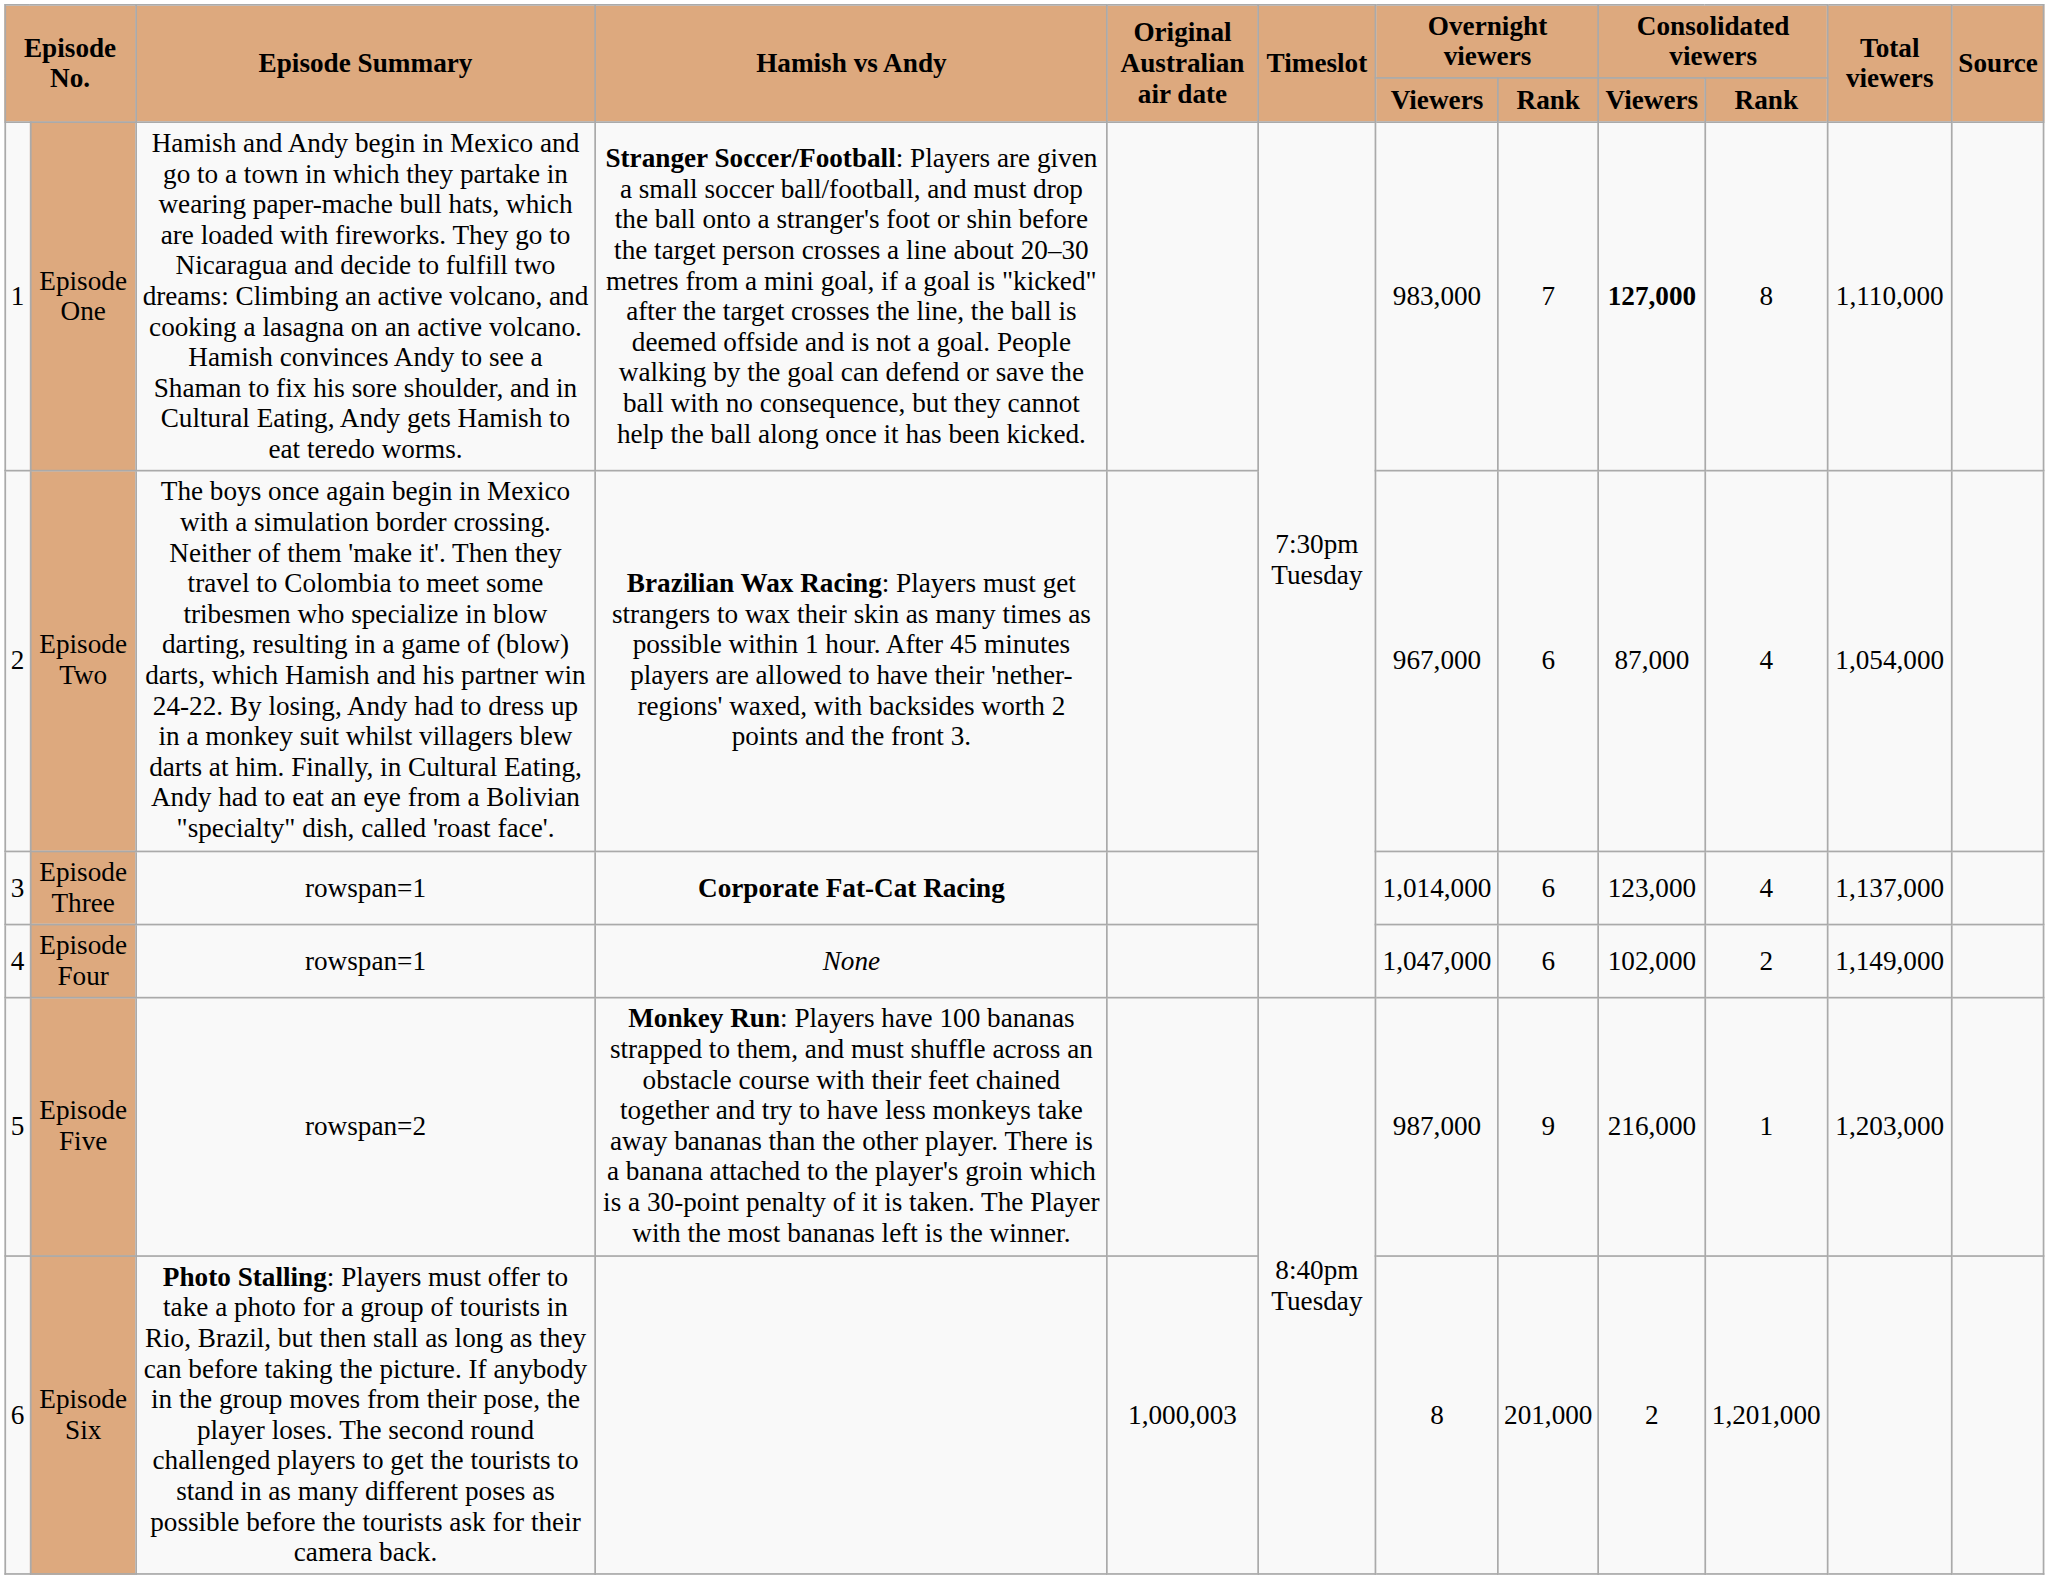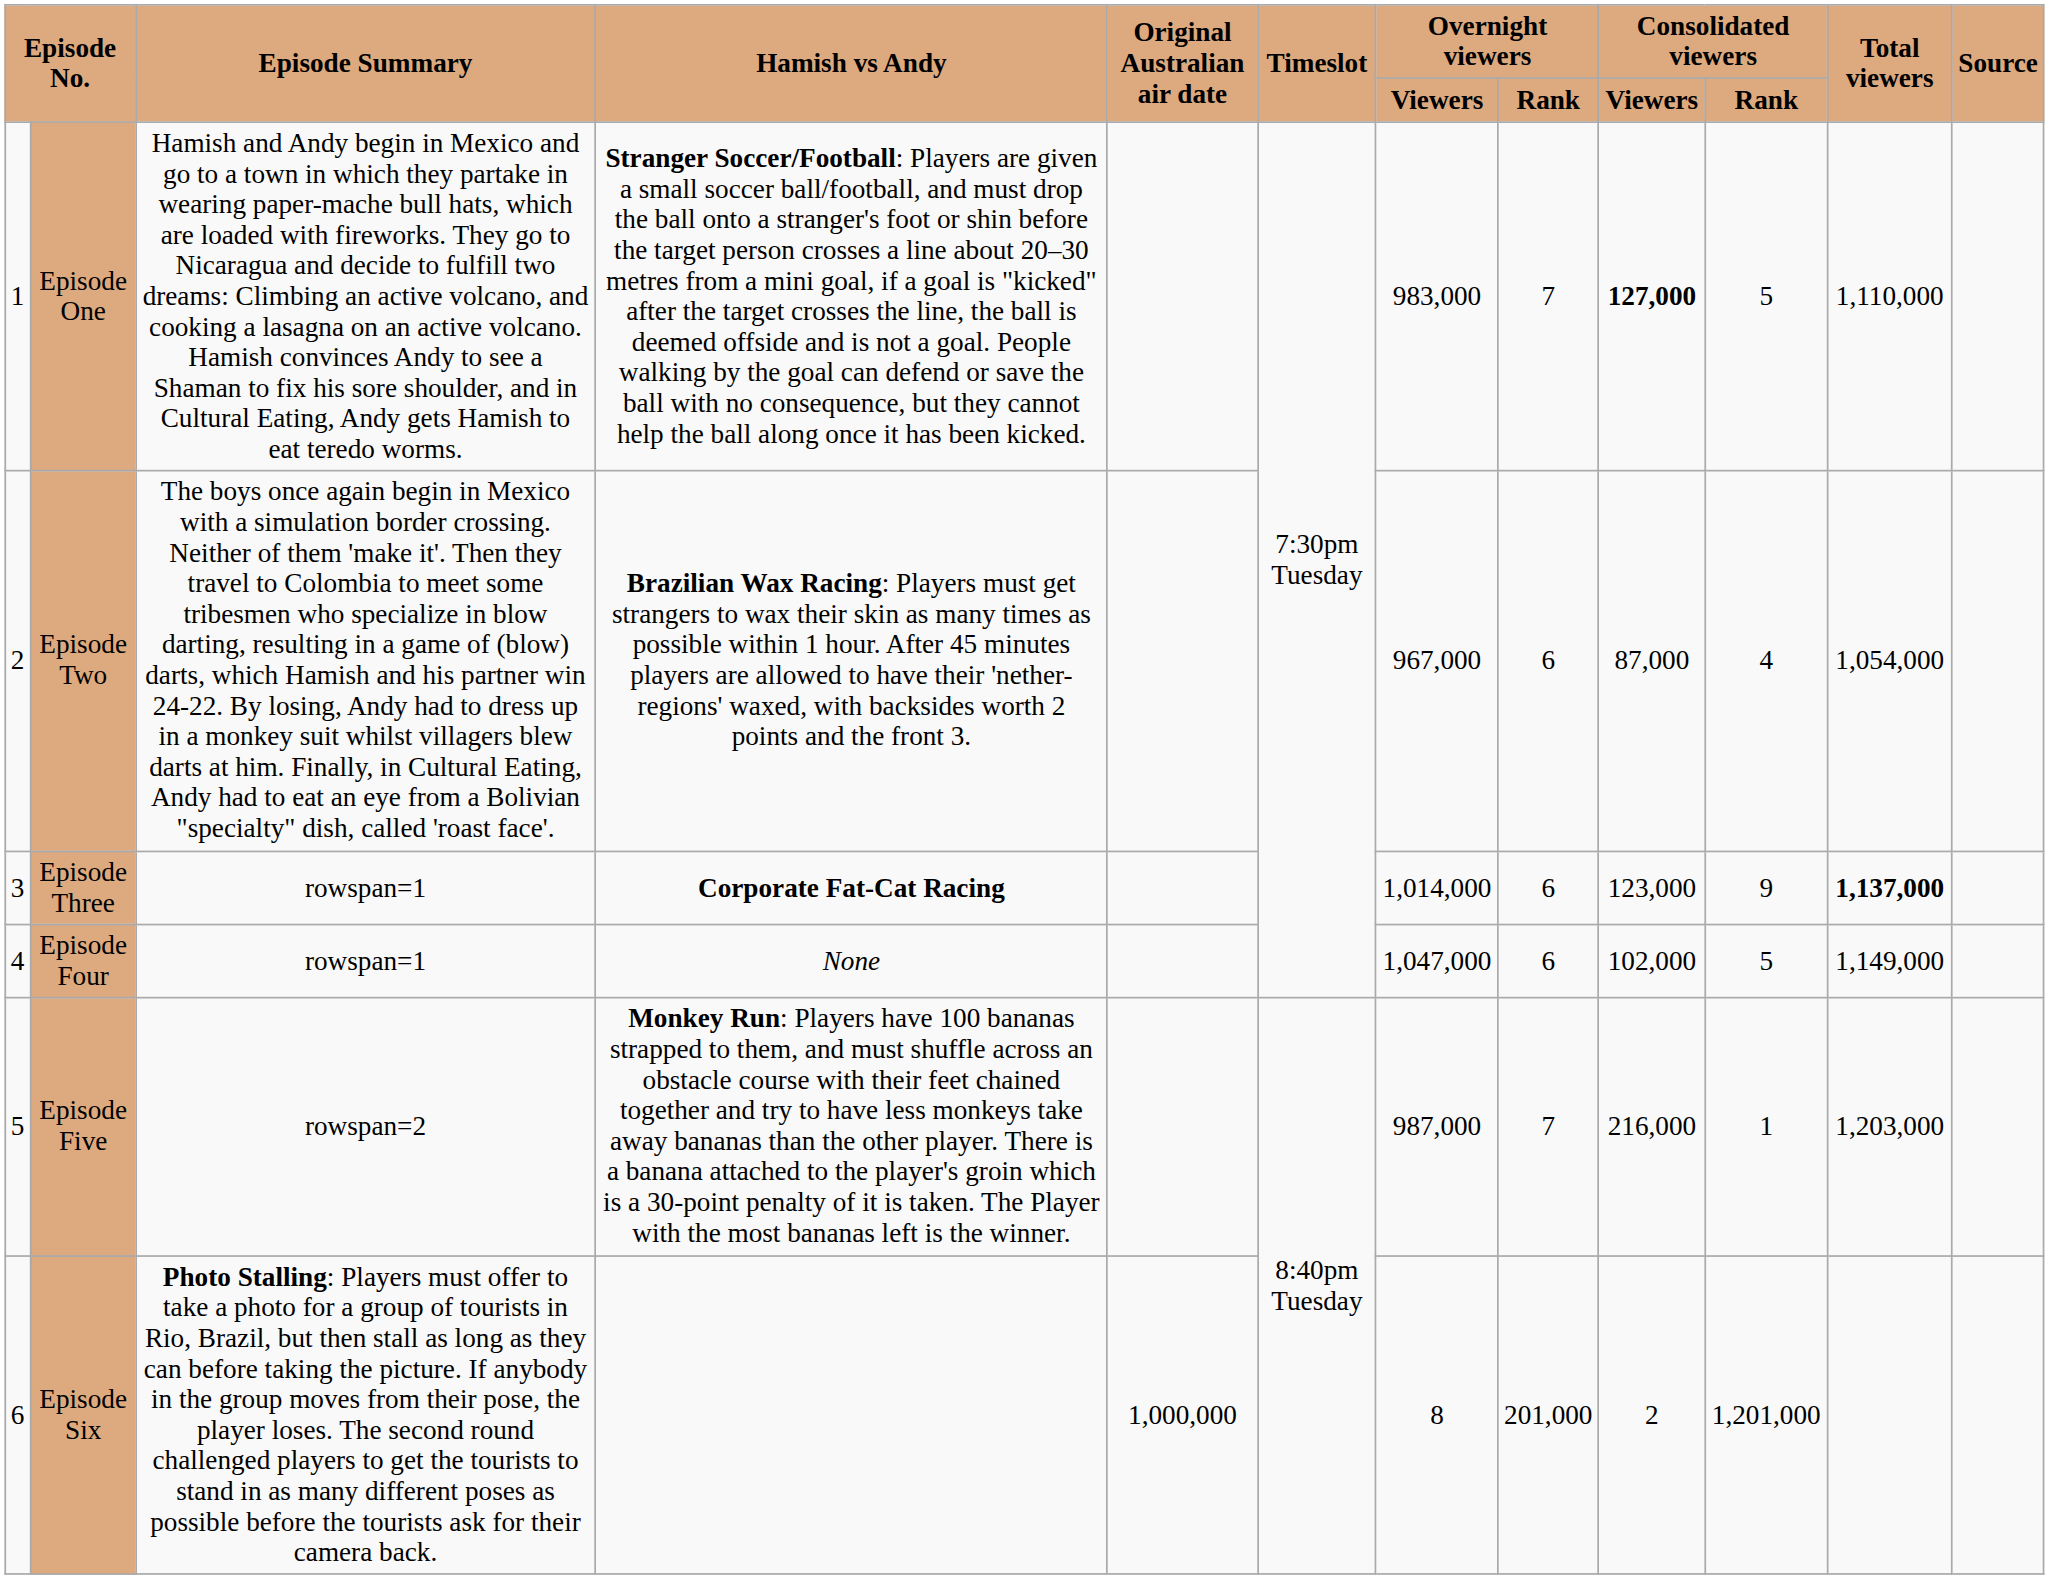 <table class="wikitable plainrowheaders" style="width:95%; margin:auto; background:#FFFFF;">
 <tr>
 <th style="background:#dda97e; color:#000; text-align:center;" rowspan=2 colspan=2>Episode No.</th>
 <th ! style="background:#dda97e; color:#000; text-align:center;" rowspan=2>Episode Summary</th>
 <th ! style="background:#dda97e; color:#000; text-align:center;" rowspan=2>Hamish vs Andy</th>
 <th ! style="background:#dda97e; color:#000; text-align:center;" rowspan=2>Original Australian air date</th>
 <th ! style="background:#dda97e; color:#000; text-align:center;" rowspan=2>Timeslot</th>
 <th ! style="background:#dda97e; color:#000; text-align:center;" colspan="2">Overnight viewers</th>
 <th ! style="background:#dda97e; color:#000; text-align:center;" colspan="2">Consolidated viewers</th>
 <th ! style="background:#dda97e; color:#000; text-align:center;" rowspan=2>Total viewers</th>
 <th ! style="background:#dda97e; color:#000; text-align:center;" rowspan=2>Source</th>
 </tr>
 <tr style="text-align: center;">
 <th style="background:#dda97e; color:#000; text-align:center;">Viewers</th>
 <th style="background:#dda97e; color:#000; text-align:center;">Rank</th>
 <th style="background:#dda97e; color:#000; text-align:center;">Viewers</th>
 <th style="background:#dda97e; color:#000; text-align:center;">Rank</th>
 </tr>
 <tr style="text-align:center;"|>
 <td>1</td>
 <td style="background:#dda97e;">Episode One</td>
 <td>Hamish and Andy begin in Mexico and go to a town in which they partake in wearing paper-mache bull hats, which are loaded with fireworks. They go to Nicaragua and decide to fulfill two dreams: Climbing an active volcano, and cooking a lasagna on an active volcano. Hamish convinces Andy to see a Shaman to fix his sore shoulder, and in Cultural Eating, Andy gets Hamish to eat teredo worms.</td>
 <td><strong>Stranger Soccer/Football</strong>: Players are given a small soccer ball/football, and must drop the ball onto a stranger's foot or shin before the target person crosses a line about 20–30 metres from a mini goal, if a goal is "kicked" after the target crosses the line, the ball is deemed offside and is not a goal. People walking by the goal can defend or save the ball with no consequence, but they cannot help the ball along once it has been kicked.</td>
 <td></td>
 <td rowspan=4>7:30pm Tuesday</td>
 <td>983,000</td>
 <td>7</td>
 <td><strong>127,000</strong></td>
-<td>8</td>
+<td>5</td>
 <td>1,110,000</td>
 <td></td>
 </tr>
 <tr style="text-align:center;"|>
 <td>2</td>
 <td style="background:#dda97e;">Episode Two</td>
 <td>The boys once again begin in Mexico with a simulation border crossing. Neither of them 'make it'. Then they travel to Colombia to meet some tribesmen who specialize in blow darting, resulting in a game of (blow) darts, which Hamish and his partner win 24-22. By losing, Andy had to dress up in a monkey suit whilst villagers blew darts at him. Finally, in Cultural Eating, Andy had to eat an eye from a Bolivian "specialty" dish, called 'roast face'.</td>
 <td><strong>Brazilian Wax Racing</strong>: Players must get strangers to wax their skin as many times as possible within 1 hour. After 45 minutes players are allowed to have their 'nether-regions' waxed, with backsides worth 2 points and the front 3.</td>
 <td></td>
 <td>967,000</td>
 <td>6</td>
 <td>87,000</td>
 <td>4</td>
 <td>1,054,000</td>
 <td></td>
 </tr>
 <tr style="text-align:center;"|>
 <td>3</td>
 <td style="background:#dda97e;">Episode Three</td>
 <td>rowspan=1 </td>
 <td><strong>Corporate Fat-Cat Racing</strong></td>
 <td></td>
 <td>1,014,000</td>
 <td>6</td>
 <td>123,000</td>
-<td>4</td>
-<td>1,137,000</td>
+<td>9</td>
+<td><strong>1,137,000</strong></td>
 <td></td>
 </tr>
 <tr style="text-align:center;"|>
 <td>4</td>
 <td style="background:#dda97e;">Episode Four</td>
 <td>rowspan=1 </td>
 <td><em>None</em></td>
 <td></td>
 <td>1,047,000</td>
 <td>6</td>
 <td>102,000</td>
-<td>2</td>
+<td>5</td>
 <td>1,149,000</td>
 <td></td>
 </tr>
 <tr style="text-align:center;"|>
 <td>5</td>
 <td style="background:#dda97e;">Episode Five</td>
 <td>rowspan=2 </td>
 <td><strong>Monkey Run</strong>: Players have 100 bananas strapped to them, and must shuffle across an obstacle course with their feet chained together and try to have less monkeys take away bananas than the other player. There is a banana attached to the player's groin which is a 30-point penalty of it is taken. The Player with the most bananas left is the winner.</td>
 <td></td>
 <td rowspan=2>8:40pm Tuesday</td>
 <td>987,000</td>
-<td>9</td>
+<td>7</td>
 <td>216,000</td>
 <td>1</td>
 <td>1,203,000</td>
 <td></td>
 </tr>
 <tr style="text-align:center;"|>
 <td>6</td>
 <td style="background:#dda97e;">Episode Six</td>
 <td><strong>Photo Stalling</strong>: Players must offer to take a photo for a group of tourists in Rio, Brazil, but then stall as long as they can before taking the picture. If anybody in the group moves from their pose, the player loses. The second round challenged players to get the tourists to stand in as many different poses as possible before the tourists ask for their camera back.</td>
 <td></td>
-<td>1,000,003</td>
+<td>1,000,000</td>
 <td>8</td>
 <td>201,000</td>
 <td>2</td>
 <td>1,201,000</td>
 <td></td>
 </tr>
 </table>
